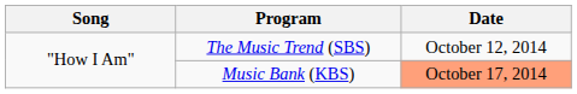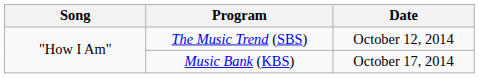 <table class="wikitable">
 <tr>
 <th style="width:150px;">Song</th>
 <th style="width:200px;">Program</th>
 <th style="width:150px;">Date</th>
 </tr>
 <tr>
 <td style="text-align:center;" rowspan="2">"How I Am"</td>
 <td style="text-align:center;"><em><a href='#'>The Music Trend</a></em> (<a href='#'>SBS</a>)</td>
 <td style="text-align:center;">October 12, 2014</td>
 </tr>
 <tr>
 <td style="text-align:center;"><em><a href='#'>Music Bank</a></em> (<a href='#'>KBS</a>)</td>
-<td style="background: lightsalmon; text-align:center;">October 17, 2014</td>
+<td style="text-align:center;">October 17, 2014</td>
 </tr>
 </table>
